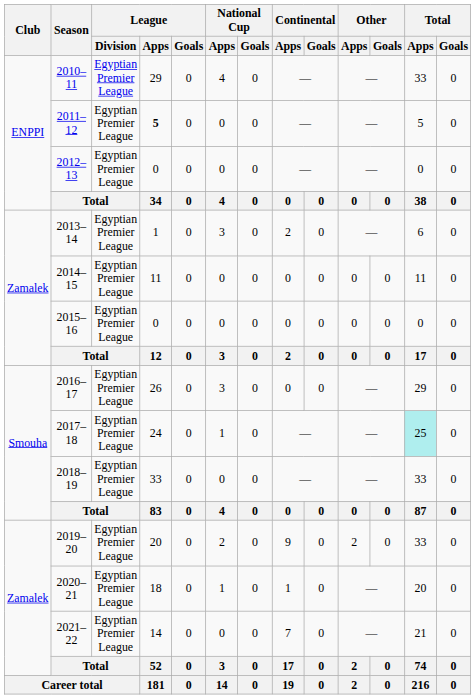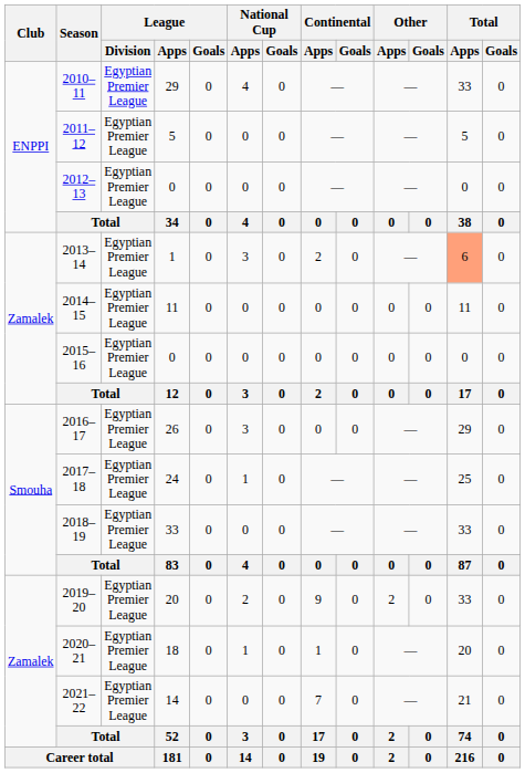 <table class="wikitable" style="text-align:center">
 <tr>
 <th rowspan="2">Club</th>
 <th rowspan="2">Season</th>
 <th colspan="3">League</th>
 <th colspan="2">National Cup</th>
 <th colspan="2">Continental</th>
 <th colspan="2">Other</th>
 <th colspan="2">Total</th>
 </tr>
 <tr>
 <th>Division</th>
 <th>Apps</th>
 <th>Goals</th>
 <th>Apps</th>
 <th>Goals</th>
 <th>Apps</th>
 <th>Goals</th>
 <th>Apps</th>
 <th>Goals</th>
 <th>Apps</th>
 <th>Goals</th>
 </tr>
 <tr>
 <td rowspan="4"><a href='#'>ENPPI</a></td>
 <td><a href='#'>2010–11</a></td>
 <td><a href='#'>Egyptian Premier League</a></td>
 <td>29</td>
 <td>0</td>
 <td>4</td>
 <td>0</td>
 <td colspan="2">—</td>
 <td colspan="2">—</td>
 <td>33</td>
 <td>0</td>
 </tr>
 <tr>
 <td><a href='#'>2011–12</a></td>
 <td>Egyptian Premier League</td>
-<td><strong>5</strong></td>
+<td>5</td>
 <td>0</td>
 <td>0</td>
 <td>0</td>
 <td colspan="2">—</td>
 <td colspan="2">—</td>
 <td>5</td>
 <td>0</td>
 </tr>
 <tr>
 <td><a href='#'>2012–13</a></td>
 <td>Egyptian Premier League</td>
 <td>0</td>
 <td>0</td>
 <td>0</td>
 <td>0</td>
 <td colspan="2">—</td>
 <td colspan="2">—</td>
 <td>0</td>
 <td>0</td>
 </tr>
 <tr>
 <th colspan="2">Total</th>
 <th>34</th>
 <th>0</th>
 <th>4</th>
 <th>0</th>
 <th>0</th>
 <th>0</th>
 <th>0</th>
 <th>0</th>
 <th>38</th>
 <th>0</th>
 </tr>
 <tr>
 <td rowspan="4"><a href='#'>Zamalek</a></td>
 <td>2013–14</td>
 <td>Egyptian Premier League</td>
 <td>1</td>
 <td>0</td>
 <td>3</td>
 <td>0</td>
 <td>2</td>
 <td>0</td>
 <td colspan="2">—</td>
-<td>6</td>
+<td style="background: lightsalmon;">6</td>
 <td>0</td>
 </tr>
 <tr>
 <td>2014–15</td>
 <td>Egyptian Premier League</td>
 <td>11</td>
 <td>0</td>
 <td>0</td>
 <td>0</td>
 <td>0</td>
 <td>0</td>
 <td>0</td>
 <td>0</td>
 <td>11</td>
 <td>0</td>
 </tr>
 <tr>
 <td>2015–16</td>
 <td>Egyptian Premier League</td>
 <td>0</td>
 <td>0</td>
 <td>0</td>
 <td>0</td>
 <td>0</td>
 <td>0</td>
 <td>0</td>
 <td>0</td>
 <td>0</td>
 <td>0</td>
 </tr>
 <tr>
 <th colspan="2">Total</th>
 <th>12</th>
 <th>0</th>
 <th>3</th>
 <th>0</th>
 <th>2</th>
 <th>0</th>
 <th>0</th>
 <th>0</th>
 <th>17</th>
 <th>0</th>
 </tr>
 <tr>
 <td rowspan="4"><a href='#'>Smouha</a></td>
 <td>2016–17</td>
 <td>Egyptian Premier League</td>
 <td>26</td>
 <td>0</td>
 <td>3</td>
 <td>0</td>
 <td>0</td>
 <td>0</td>
 <td colspan="2">—</td>
 <td>29</td>
 <td>0</td>
 </tr>
 <tr>
 <td>2017–18</td>
 <td>Egyptian Premier League</td>
 <td>24</td>
 <td>0</td>
 <td>1</td>
 <td>0</td>
 <td colspan="2">—</td>
 <td colspan="2">—</td>
-<td style="background: paleturquoise;">25</td>
+<td>25</td>
 <td>0</td>
 </tr>
 <tr>
 <td>2018–19</td>
 <td>Egyptian Premier League</td>
 <td>33</td>
 <td>0</td>
 <td>0</td>
 <td>0</td>
 <td colspan="2">—</td>
 <td colspan="2">—</td>
 <td>33</td>
 <td>0</td>
 </tr>
 <tr>
 <th colspan="2">Total</th>
 <th>83</th>
 <th>0</th>
 <th>4</th>
 <th>0</th>
 <th>0</th>
 <th>0</th>
 <th>0</th>
 <th>0</th>
 <th>87</th>
 <th>0</th>
 </tr>
 <tr>
 <td rowspan="4"><a href='#'>Zamalek</a></td>
 <td>2019–20</td>
 <td>Egyptian Premier League</td>
 <td>20</td>
 <td>0</td>
 <td>2</td>
 <td>0</td>
 <td>9</td>
 <td>0</td>
 <td>2</td>
 <td>0</td>
 <td>33</td>
 <td>0</td>
 </tr>
 <tr>
 <td>2020–21</td>
 <td>Egyptian Premier League</td>
 <td>18</td>
 <td>0</td>
 <td>1</td>
 <td>0</td>
 <td>1</td>
 <td>0</td>
 <td colspan="2">—</td>
 <td>20</td>
 <td>0</td>
 </tr>
 <tr>
 <td>2021–22</td>
 <td>Egyptian Premier League</td>
 <td>14</td>
 <td>0</td>
 <td>0</td>
 <td>0</td>
 <td>7</td>
 <td>0</td>
 <td colspan="2">—</td>
 <td>21</td>
 <td>0</td>
 </tr>
 <tr>
 <th colspan="2">Total</th>
 <th>52</th>
 <th>0</th>
 <th>3</th>
 <th>0</th>
 <th>17</th>
 <th>0</th>
 <th>2</th>
 <th>0</th>
 <th>74</th>
 <th>0</th>
 </tr>
 <tr>
 <th colspan="3">Career total</th>
 <th>181</th>
 <th>0</th>
 <th>14</th>
 <th>0</th>
 <th>19</th>
 <th>0</th>
 <th>2</th>
 <th>0</th>
 <th>216</th>
 <th>0</th>
 </tr>
 </table>
